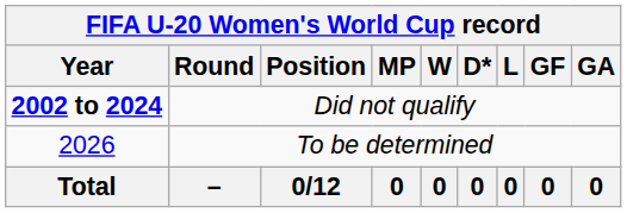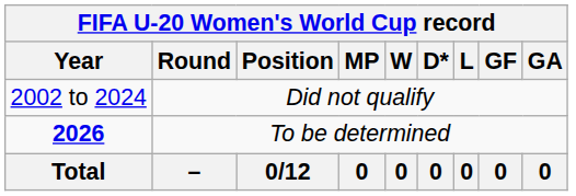 <table class="wikitable" style="text-align: center;">
 <tr>
 <th colspan=10><a href='#'>FIFA U-20 Women's World Cup</a> record</th>
 </tr>
 <tr>
 <th>Year</th>
 <th>Round</th>
 <th>Position</th>
 <th>MP</th>
 <th>W</th>
 <th>D*</th>
 <th>L</th>
 <th>GF</th>
 <th>GA</th>
 </tr>
 <tr>
-<td><strong> <a href='#'>2002</a> to   <a href='#'>2024</a></strong></td>
+<td> <a href='#'>2002</a> to   <a href='#'>2024</a></td>
 <td colspan=9><em>Did not qualify</em></td>
 </tr>
 <tr>
-<td> <a href='#'>2026</a></td>
+<td><strong> <a href='#'>2026</a></strong></td>
 <td colspan=9><em>To be determined</em></td>
 </tr>
 <tr>
 <th>Total</th>
 <th>–</th>
 <th>0/12</th>
 <th>0</th>
 <th>0</th>
 <th>0</th>
 <th>0</th>
 <th>0</th>
 <th>0</th>
 </tr>
 </table>
